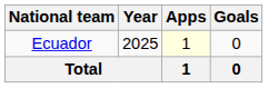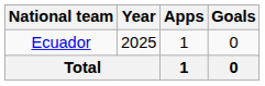 <table class="wikitable" style="text-align:center">
 <tr>
 <th>National team</th>
 <th>Year</th>
 <th>Apps</th>
 <th>Goals</th>
 </tr>
 <tr>
 <td rowspan="1"><a href='#'>Ecuador</a></td>
 <td>2025</td>
-<td style="background: lightyellow;">1</td>
+<td>1</td>
 <td>0</td>
 </tr>
 <tr>
 <th colspan="2">Total</th>
 <th>1</th>
 <th>0</th>
 </tr>
 </table>
